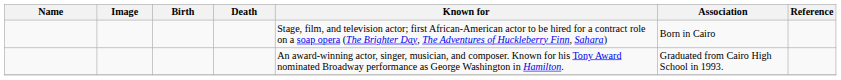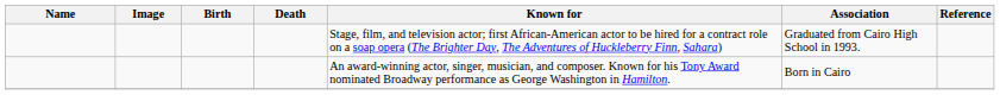 <table class="wikitable sortable">
 <tr>
 <th scope="col" width="140">Name</th>
 <th scope="col" width="80" class="unsortable">Image</th>
 <th scope="col" width="90">Birth</th>
 <th scope="col" width="90">Death</th>
 <th scope="col" width="600" class="unsortable">Known for</th>
 <th scope="col" width="200" class="unsortable">Association</th>
 <th scope="col" width="30" class="unsortable">Reference</th>
 </tr>
 <tr>
 <td></td>
 <td></td>
 <td align=right></td>
 <td align=right></td>
 <td>Stage, film, and television actor; first African-American actor to be hired for a contract role on a <a href='#'>soap opera</a> (<em><a href='#'>The Brighter Day</a></em>, <a href='#'><em>The Adventures of Huckleberry Finn</em></a>, <a href='#'><em>Sahara</em></a>)</td>
-<td>Born in Cairo</td>
+<td>Graduated from Cairo High School in 1993.</td>
 <td align="center"></td>
 </tr>
 <tr>
 <td></td>
 <td></td>
 <td align=right></td>
 <td align=right></td>
 <td>An award-winning actor, singer, musician, and composer. Known for his <a href='#'>Tony Award</a> nominated Broadway performance as George Washington in <a href='#'><em>Hamilton</em></a>.</td>
-<td>Graduated from Cairo High School in 1993.</td>
+<td>Born in Cairo</td>
 <td align="center"></td>
 </tr>
 <tr>
 </tr>
 </table>
